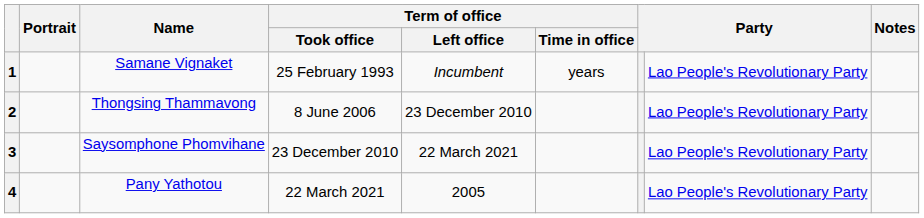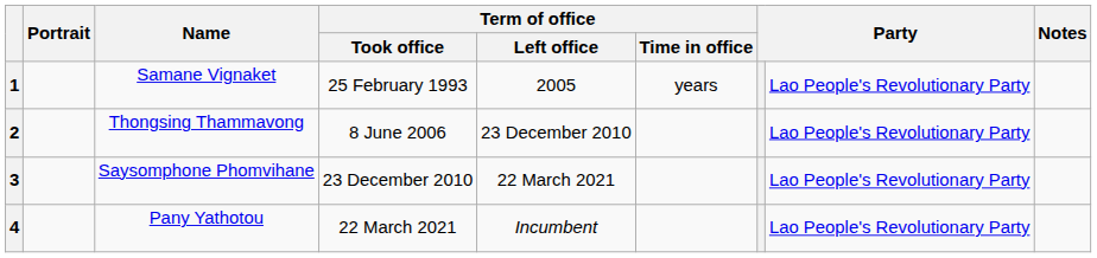 <table class="wikitable" style="text-align:center">
 <tr>
 <th rowspan=2></th>
 <th rowspan=2>Portrait</th>
 <th rowspan=2>Name<br></th>
 <th colspan=3>Term of office</th>
 <th colspan=2 rowspan=2>Party</th>
 <th rowspan=2>Notes</th>
 </tr>
 <tr>
 <th>Took office</th>
 <th>Left office</th>
 <th>Time in office</th>
 </tr>
 <tr>
 <th>1</th>
 <td></td>
 <td><a href='#'>Samane Vignaket</a><br><br></td>
 <td>25 February 1993</td>
-<td><em>Incumbent</em></td>
+<td>2005</td>
 <td> years</td>
 <th style="background:"></th>
 <td><a href='#'>Lao People's Revolutionary Party</a></td>
 <td></td>
 </tr>
 <tr>
 <th>2</th>
 <td></td>
 <td><a href='#'>Thongsing Thammavong</a><br><br></td>
 <td>8 June 2006</td>
 <td>23 December 2010</td>
 <td></td>
 <th style="background:"></th>
 <td><a href='#'>Lao People's Revolutionary Party</a></td>
 <td></td>
 </tr>
 <tr>
 <th>3</th>
 <td></td>
 <td><a href='#'>Saysomphone Phomvihane</a><br><br></td>
 <td>23 December 2010</td>
 <td>22 March 2021</td>
 <td></td>
 <th style="background:"></th>
 <td><a href='#'>Lao People's Revolutionary Party</a></td>
 <td></td>
 </tr>
 <tr>
 <th>4</th>
 <td></td>
 <td><a href='#'>Pany Yathotou</a><br><br></td>
 <td>22 March 2021</td>
-<td>2005</td>
+<td><em>Incumbent</em></td>
 <td></td>
 <th style="background:"></th>
 <td><a href='#'>Lao People's Revolutionary Party</a></td>
 <td></td>
 </tr>
 </table>
